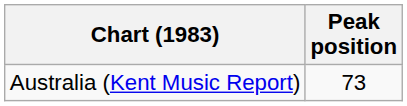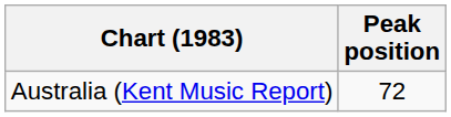 <table class="wikitable">
 <tr>
 <th scope="col">Chart (1983)</th>
 <th>Peak<br>position</th>
 </tr>
 <tr>
 <td>Australia (<a href='#'>Kent Music Report</a>)</td>
-<td style="text-align:center;">73</td>
+<td style="text-align:center;">72</td>
 </tr>
 </table>
